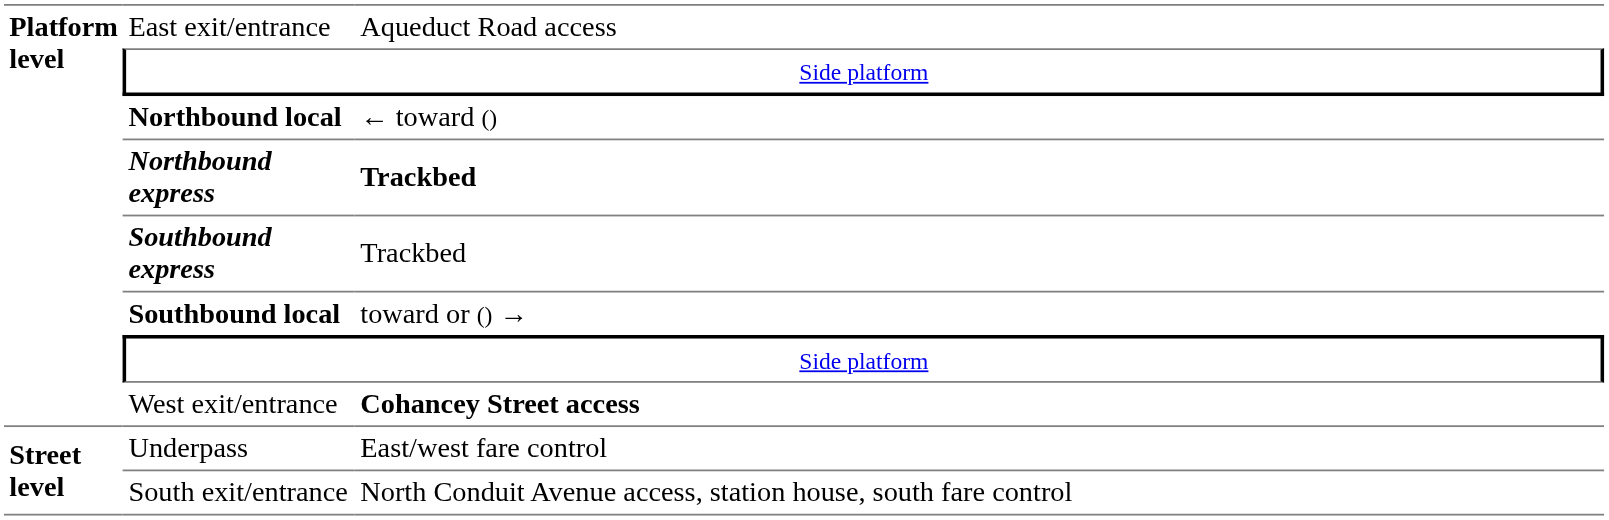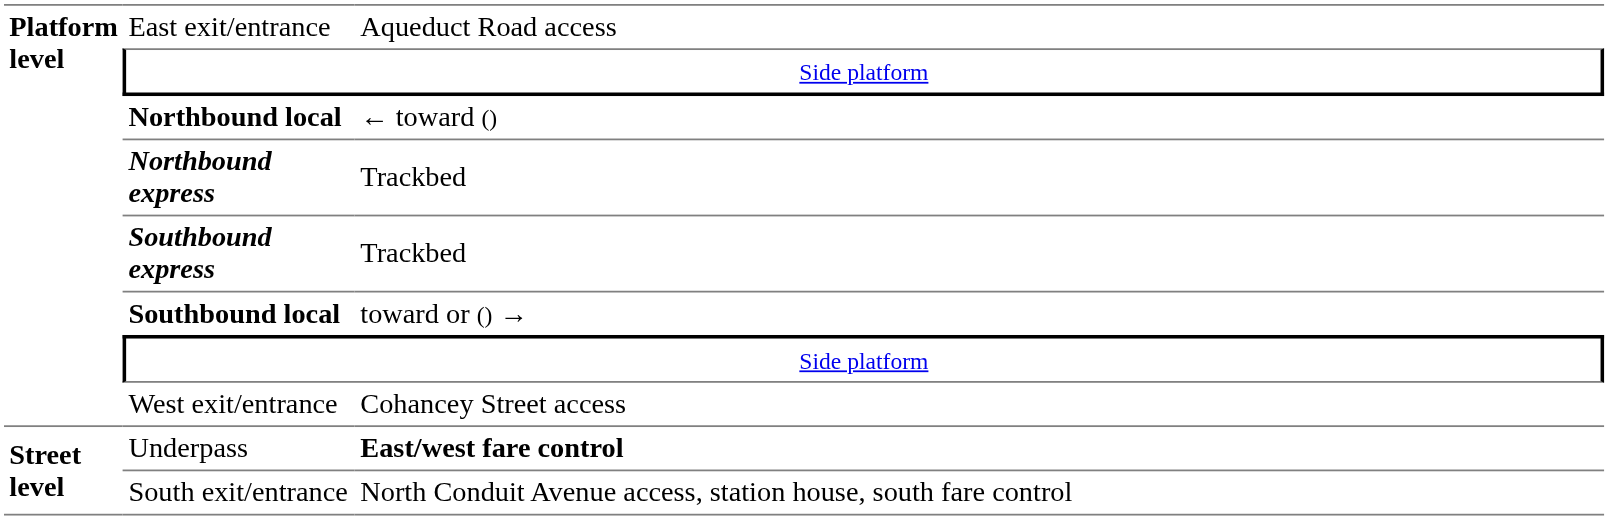 <table border=0 cellspacing=0 cellpadding=3>
 <tr>
 <td style="border-top:solid 1px gray;border-bottom:solid 1px gray;" rowspan=8 valign=top><strong>Platform level</strong></td>
 <td style="border-top:solid 1px gray;">East exit/entrance</td>
 <td style="border-top:solid 1px gray;">Aqueduct Road access</td>
 </tr>
 <tr>
 <td style="border-top:solid 1px gray;border-right:solid 2px black;border-left:solid 2px black;border-bottom:solid 2px black;text-align:center;" colspan=2><small><a href='#'>Side platform</a></small></td>
 </tr>
 <tr>
 <td style="border-bottom:solid 1px gray;"><span><strong>Northbound local</strong></span></td>
 <td style="border-bottom:solid 1px gray;">←  toward  <small>()</small></td>
 </tr>
 <tr>
 <td style="border-bottom:solid 1px gray;"><strong><em>Northbound express</em></strong></td>
-<td style="border-bottom:solid 1px gray;"><strong> Trackbed</strong></td>
+<td style="border-bottom:solid 1px gray;"> Trackbed</td>
 </tr>
 <tr>
 <td style="border-bottom:solid 1px gray;"><strong><em>Southbound express</em></strong></td>
 <td style="border-bottom:solid 1px gray;"> Trackbed</td>
 </tr>
 <tr>
 <td><span><strong>Southbound local</strong></span></td>
 <td>  toward  or  <small>()</small> →</td>
 </tr>
 <tr>
 <td style="border-bottom:solid 1px gray;border-top:solid 2px black;border-right:solid 2px black;border-left:solid 2px black;text-align:center;" colspan=2><small><a href='#'>Side platform</a></small></td>
 </tr>
 <tr>
 <td style="border-bottom:solid 1px gray;">West exit/entrance</td>
-<td style="border-bottom:solid 1px gray;"><strong>Cohancey Street access</strong></td>
+<td style="border-bottom:solid 1px gray;">Cohancey Street access</td>
 </tr>
 <tr>
 <td style="border-bottom:solid 1px gray;" width=50 rowspan=2><strong>Street level</strong></td>
 <td style="border-bottom:solid 1px gray;" width=125>Underpass</td>
-<td style="border-bottom:solid 1px gray;" width=700>East/west fare control</td>
+<td style="border-bottom:solid 1px gray;" width=700><strong>East/west fare control</strong></td>
 </tr>
 <tr>
 <td style="border-bottom:solid 1px gray;">South exit/entrance</td>
 <td style="border-bottom:solid 1px gray;">North Conduit Avenue access, station house, south fare control</td>
 </tr>
 </table>
